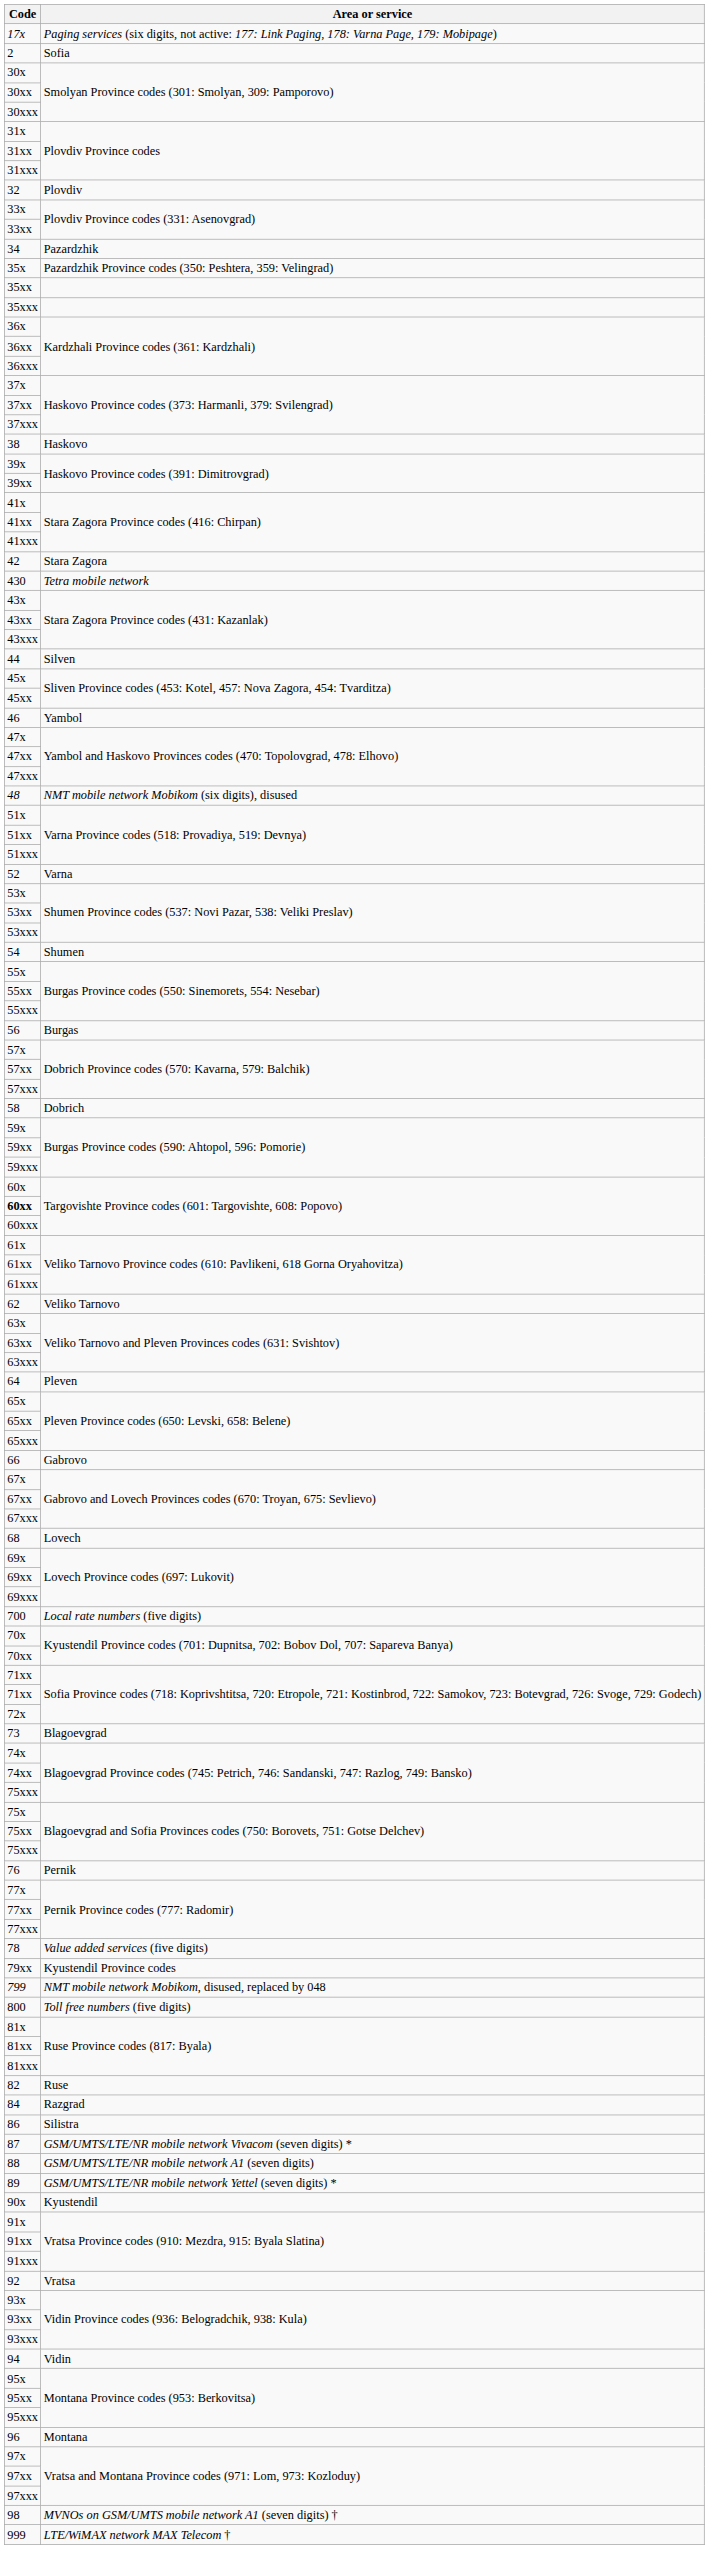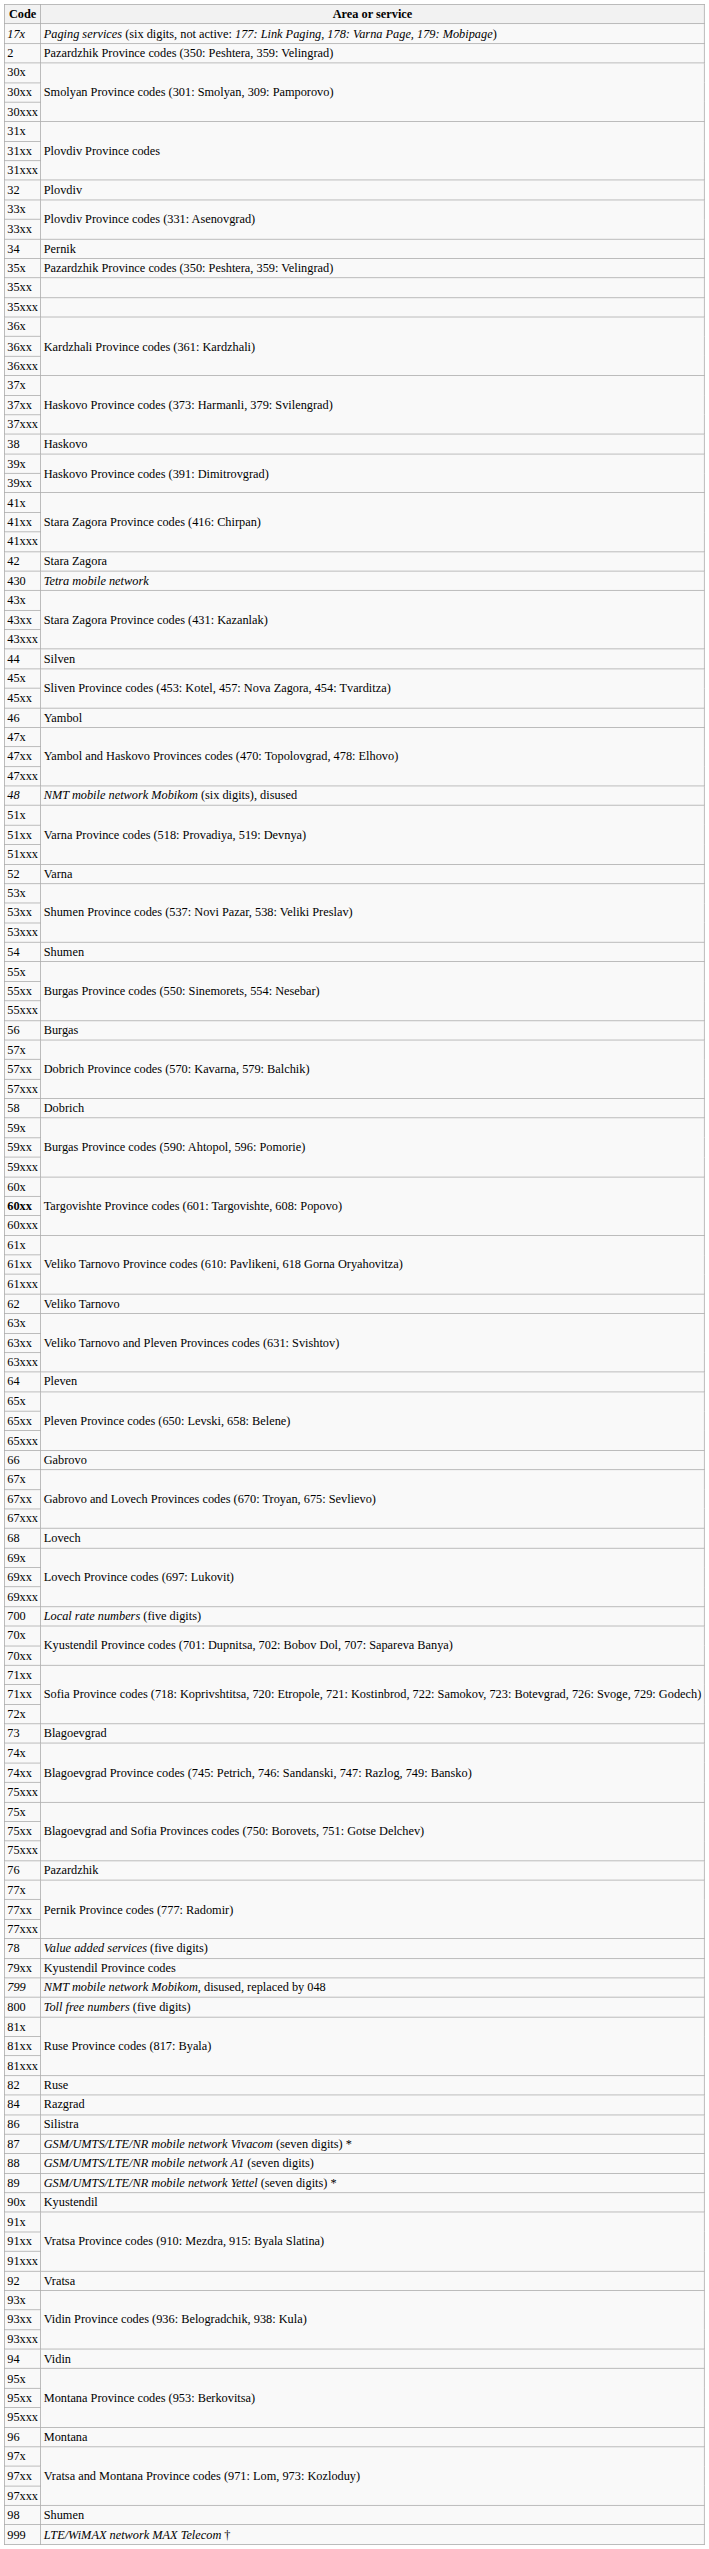 <table class="wikitable">
 <tr>
 <th>Code</th>
 <th>Area or service</th>
 </tr>
 <tr>
 <td><em>17x</em></td>
 <td><em>Paging services</em> (six digits, not active: <em>177: Link Paging, 178: Varna Page, 179: Mobipage</em>)</td>
 </tr>
 <tr>
 <td>2</td>
-<td>Sofia</td>
+<td rowpsan=3>Pazardzhik Province codes (350: Peshtera, 359: Velingrad)</td>
 </tr>
 <tr>
 <td>30x</td>
 <td rowspan=3>Smolyan Province codes (301: Smolyan, 309: Pamporovo)</td>
 </tr>
 <tr>
 <td>30xx</td>
 </tr>
 <tr>
 <td>30xxx</td>
 </tr>
 <tr>
 <td>31x</td>
 <td rowspan=3>Plovdiv Province codes</td>
 </tr>
 <tr>
 <td>31xx</td>
 </tr>
 <tr>
 <td>31xxx</td>
 </tr>
 <tr>
 <td>32</td>
 <td>Plovdiv</td>
 </tr>
 <tr>
 <td>33x</td>
 <td rowspan=2>Plovdiv Province codes (331: Asenovgrad)</td>
 </tr>
 <tr>
 <td>33xx</td>
 </tr>
 <tr>
 <td>34</td>
-<td>Pazardzhik</td>
+<td>Pernik</td>
 </tr>
 <tr>
 <td>35x</td>
 <td rowpsan=3>Pazardzhik Province codes (350: Peshtera, 359: Velingrad)</td>
 </tr>
 <tr>
 <td>35xx</td>
 <td></td>
 </tr>
 <tr>
 <td>35xxx</td>
 <td></td>
 </tr>
 <tr>
 <td>36x</td>
 <td rowspan=3>Kardzhali Province codes (361: Kardzhali)</td>
 </tr>
 <tr>
 <td>36xx</td>
 </tr>
 <tr>
 <td>36xxx</td>
 </tr>
 <tr>
 <td>37x</td>
 <td rowspan=3>Haskovo Province codes (373: Harmanli, 379: Svilengrad)</td>
 </tr>
 <tr>
 <td>37xx</td>
 </tr>
 <tr>
 <td>37xxx</td>
 </tr>
 <tr>
 <td>38</td>
 <td>Haskovo</td>
 </tr>
 <tr>
 <td>39x</td>
 <td rowspan=2>Haskovo Province codes (391: Dimitrovgrad)</td>
 </tr>
 <tr>
 <td>39xx</td>
 </tr>
 <tr>
 <td>41x</td>
 <td rowspan=3>Stara Zagora Province codes (416: Chirpan)</td>
 </tr>
 <tr>
 <td>41xx</td>
 </tr>
 <tr>
 <td>41xxx</td>
 </tr>
 <tr>
 <td>42</td>
 <td>Stara Zagora</td>
 </tr>
 <tr>
 <td>430</td>
 <td><em>Tetra mobile network</em></td>
 </tr>
 <tr>
 <td>43x</td>
 <td rowspan=3>Stara Zagora Province codes (431: Kazanlak)</td>
 </tr>
 <tr>
 <td>43xx</td>
 </tr>
 <tr>
 <td>43xxx</td>
 </tr>
 <tr>
 <td>44</td>
 <td>Silven</td>
 </tr>
 <tr>
 <td>45x</td>
 <td rowspan=2>Sliven Province codes (453: Kotel, 457: Nova Zagora, 454: Tvarditza)</td>
 </tr>
 <tr>
 <td>45xx</td>
 </tr>
 <tr>
 <td>46</td>
 <td>Yambol</td>
 </tr>
 <tr>
 <td>47x</td>
 <td rowspan=3>Yambol and Haskovo Provinces codes (470: Topolovgrad, 478: Elhovo)</td>
 </tr>
 <tr>
 <td>47xx</td>
 </tr>
 <tr>
 <td>47xxx</td>
 </tr>
 <tr>
 <td><em>48</em></td>
 <td><em>NMT mobile network Mobikom</em> (six digits), disused</td>
 </tr>
 <tr>
 <td>51x</td>
 <td rowspan=3>Varna Province codes (518: Provadiya, 519: Devnya)</td>
 </tr>
 <tr>
 <td>51xx</td>
 </tr>
 <tr>
 <td>51xxx</td>
 </tr>
 <tr>
 <td>52</td>
 <td>Varna</td>
 </tr>
 <tr>
 <td>53x</td>
 <td rowspan=3>Shumen Province codes (537: Novi Pazar, 538: Veliki Preslav)</td>
 </tr>
 <tr>
 <td>53xx</td>
 </tr>
 <tr>
 <td>53xxx</td>
 </tr>
 <tr>
 <td>54</td>
 <td>Shumen</td>
 </tr>
 <tr>
 <td>55x</td>
 <td rowspan=3>Burgas Province codes (550: Sinemorets, 554: Nesebar)</td>
 </tr>
 <tr>
 <td>55xx</td>
 </tr>
 <tr>
 <td>55xxx</td>
 </tr>
 <tr>
 <td>56</td>
 <td>Burgas</td>
 </tr>
 <tr>
 <td>57x</td>
 <td rowspan=3>Dobrich Province codes (570: Kavarna, 579: Balchik)</td>
 </tr>
 <tr>
 <td>57xx</td>
 </tr>
 <tr>
 <td>57xxx</td>
 </tr>
 <tr>
 <td>58</td>
 <td>Dobrich</td>
 </tr>
 <tr>
 <td>59x</td>
 <td rowspan=3>Burgas Province codes (590: Ahtopol, 596: Pomorie)</td>
 </tr>
 <tr>
 <td>59xx</td>
 </tr>
 <tr>
 <td>59xxx</td>
 </tr>
 <tr>
 <td>60x</td>
 <td rowspan=3>Targovishte Province codes (601: Targovishte, 608: Popovo)</td>
 </tr>
 <tr>
 <td><strong>60xx</strong></td>
 </tr>
 <tr>
 <td>60xxx</td>
 </tr>
 <tr>
 <td>61x</td>
 <td rowspan=3>Veliko Tarnovo Province codes (610: Pavlikeni, 618 Gorna Oryahovitza)</td>
 </tr>
 <tr>
 <td>61xx</td>
 </tr>
 <tr>
 <td>61xxx</td>
 </tr>
 <tr>
 <td>62</td>
 <td>Veliko Tarnovo</td>
 </tr>
 <tr>
 <td>63x</td>
 <td rowspan=3>Veliko Tarnovo and Pleven Provinces codes (631: Svishtov)</td>
 </tr>
 <tr>
 <td>63xx</td>
 </tr>
 <tr>
 <td>63xxx</td>
 </tr>
 <tr>
 <td>64</td>
 <td>Pleven</td>
 </tr>
 <tr>
 <td>65x</td>
 <td rowspan=3>Pleven Province codes (650: Levski, 658: Belene)</td>
 </tr>
 <tr>
 <td>65xx</td>
 </tr>
 <tr>
 <td>65xxx</td>
 </tr>
 <tr>
 <td>66</td>
 <td>Gabrovo</td>
 </tr>
 <tr>
 <td>67x</td>
 <td rowspan=3>Gabrovo and Lovech Provinces codes (670: Troyan, 675: Sevlievo)</td>
 </tr>
 <tr>
 <td>67xx</td>
 </tr>
 <tr>
 <td>67xxx</td>
 </tr>
 <tr>
 <td>68</td>
 <td>Lovech</td>
 </tr>
 <tr>
 <td>69x</td>
 <td rowspan=3>Lovech Province codes (697: Lukovit)</td>
 </tr>
 <tr>
 <td>69xx</td>
 </tr>
 <tr>
 <td>69xxx</td>
 </tr>
 <tr>
 <td>700</td>
 <td><em>Local rate numbers</em> (five digits)</td>
 </tr>
 <tr>
 <td>70x</td>
 <td rowspan=2>Kyustendil Province codes (701: Dupnitsa, 702: Bobov Dol, 707: Sapareva Banya)</td>
 </tr>
 <tr>
 <td>70xx</td>
 </tr>
 <tr>
 <td>71xx</td>
 <td rowspan=3>Sofia Province codes (718: Koprivshtitsa, 720: Etropole, 721: Kostinbrod, 722: Samokov, 723: Botevgrad, 726: Svoge, 729: Godech)</td>
 </tr>
 <tr>
 <td>71xx</td>
 </tr>
 <tr>
 <td>72x</td>
 </tr>
 <tr>
 <td>73</td>
 <td>Blagoevgrad</td>
 </tr>
 <tr>
 <td>74x</td>
 <td rowspan=3>Blagoevgrad Province codes (745: Petrich, 746: Sandanski, 747: Razlog, 749: Bansko)</td>
 </tr>
 <tr>
 <td>74xx</td>
 </tr>
 <tr>
 <td>75xxx</td>
 </tr>
 <tr>
 <td>75x</td>
 <td rowspan=3>Blagoevgrad and Sofia Provinces codes (750: Borovets, 751: Gotse Delchev)</td>
 </tr>
 <tr>
 <td>75xx</td>
 </tr>
 <tr>
 <td>75xxx</td>
 </tr>
 <tr>
 <td>76</td>
-<td>Pernik</td>
+<td>Pazardzhik</td>
 </tr>
 <tr>
 <td>77x</td>
 <td rowspan=3>Pernik Province codes (777: Radomir)</td>
 </tr>
 <tr>
 <td>77xx</td>
 </tr>
 <tr>
 <td>77xxx</td>
 </tr>
 <tr>
 <td>78</td>
 <td><em>Value added services</em> (five digits)</td>
 </tr>
 <tr>
 <td>79xx</td>
 <td>Kyustendil Province codes</td>
 </tr>
 <tr>
 <td><em>799</em></td>
 <td><em>NMT mobile network Mobikom</em>, disused, replaced by 048</td>
 </tr>
 <tr>
 <td>800</td>
 <td><em>Toll free numbers</em> (five digits)</td>
 </tr>
 <tr>
 <td>81x</td>
 <td rowspan=3>Ruse Province codes (817: Byala)</td>
 </tr>
 <tr>
 <td>81xx</td>
 </tr>
 <tr>
 <td>81xxx</td>
 </tr>
 <tr>
 <td>82</td>
 <td>Ruse</td>
 </tr>
 <tr>
 <td>84</td>
 <td>Razgrad</td>
 </tr>
 <tr>
 <td>86</td>
 <td>Silistra</td>
 </tr>
 <tr>
 <td>87</td>
 <td><em>GSM/UMTS/LTE/NR mobile network Vivacom</em> (seven digits) *</td>
 </tr>
 <tr>
 <td>88</td>
 <td><em>GSM/UMTS/LTE/NR mobile network A1</em> (seven digits)</td>
 </tr>
 <tr>
 <td>89</td>
 <td><em>GSM/UMTS/LTE/NR mobile network Yettel</em> (seven digits) *</td>
 </tr>
 <tr>
 <td>90x</td>
 <td>Kyustendil</td>
 </tr>
 <tr>
 <td>91x</td>
 <td rowspan=3>Vratsa Province codes (910: Mezdra, 915: Byala Slatina)</td>
 </tr>
 <tr>
 <td>91xx</td>
 </tr>
 <tr>
 <td>91xxx</td>
 </tr>
 <tr>
 <td>92</td>
 <td>Vratsa</td>
 </tr>
 <tr>
 <td>93x</td>
 <td rowspan=3>Vidin Province codes (936: Belogradchik, 938: Kula)</td>
 </tr>
 <tr>
 <td>93xx</td>
 </tr>
 <tr>
 <td>93xxx</td>
 </tr>
 <tr>
 <td>94</td>
 <td>Vidin</td>
 </tr>
 <tr>
 <td>95x</td>
 <td rowspan=3>Montana Province codes (953: Berkovitsa)</td>
 </tr>
 <tr>
 <td>95xx</td>
 </tr>
 <tr>
 <td>95xxx</td>
 </tr>
 <tr>
 <td>96</td>
 <td>Montana</td>
 </tr>
 <tr>
 <td>97x</td>
 <td rowspan=3>Vratsa and Montana Province codes (971: Lom, 973: Kozloduy)</td>
 </tr>
 <tr>
 <td>97xx</td>
 </tr>
 <tr>
 <td>97xxx</td>
 </tr>
 <tr>
 <td>98</td>
-<td><em>MVNOs on GSM/UMTS mobile network A1</em> (seven digits) †</td>
+<td>Shumen</td>
 </tr>
 <tr>
 <td>999</td>
 <td><em>LTE/WiMAX network MAX Telecom</em> †</td>
 </tr>
 </table>
